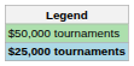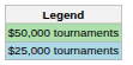 <table class="wikitable" style="font-size:90%">
 <tr>
 <th>Legend</th>
 </tr>
 <tr style="background:#addfad;">
 <td>$50,000 tournaments</td>
 </tr>
 <tr style="background:lightblue;">
-<td><strong>$25,000 tournaments</strong></td>
+<td>$25,000 tournaments</td>
 </tr>
 </table>
